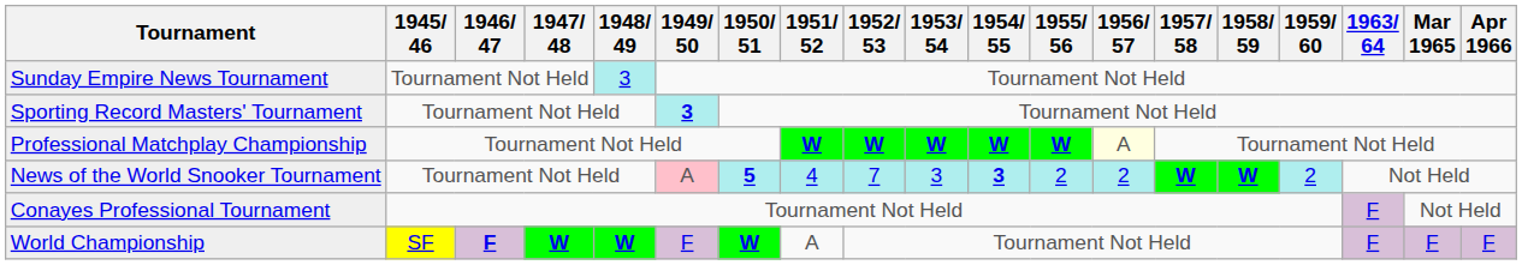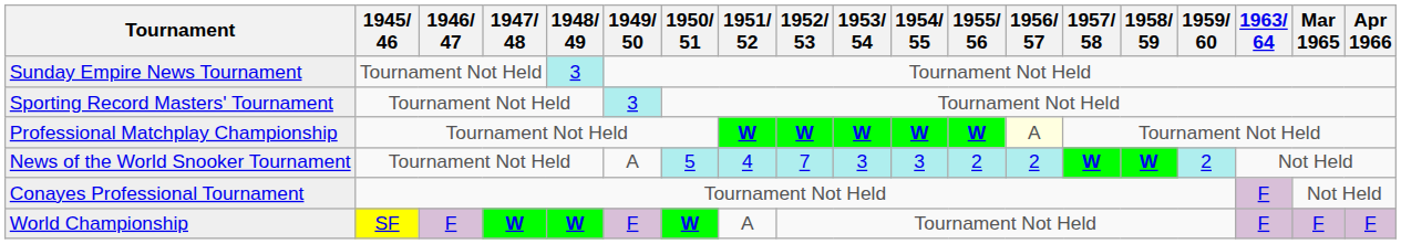 <table class="wikitable"  style="font-size:85%;">
 <tr>
 <th><strong>Tournament</strong></th>
 <th>1945/<br>46</th>
 <th>1946/<br>47</th>
 <th>1947/<br>48</th>
 <th>1948/<br>49</th>
 <th>1949/<br>50</th>
 <th>1950/<br>51</th>
 <th>1951/<br>52</th>
 <th>1952/<br>53</th>
 <th>1953/<br>54</th>
 <th>1954/<br>55</th>
 <th>1955/<br>56</th>
 <th>1956/<br>57</th>
 <th>1957/<br>58</th>
 <th>1958/<br>59</th>
 <th>1959/<br>60</th>
 <th><a href='#'>1963/<br>64</a></th>
 <th>Mar<br>1965</th>
 <th>Apr<br>1966</th>
 </tr>
 <tr>
 <td style="background:#EFEFEF;"><a href='#'>Sunday Empire News Tournament</a></td>
 <td colspan="3" style="text-align:center; color:#555555;">Tournament Not Held</td>
 <td align="center" style="background:#afeeee;"><a href='#'>3</a></td>
 <td colspan="14" style="text-align:center; color:#555555;">Tournament Not Held</td>
 </tr>
 <tr>
 <td style="background:#EFEFEF;"><a href='#'>Sporting Record Masters' Tournament</a></td>
 <td colspan="4" style="text-align:center; color:#555555;">Tournament Not Held</td>
-<td align="center" style="background:#afeeee;"><strong><a href='#'>3</a></strong></td>
+<td align="center" style="background:#afeeee;"><a href='#'>3</a></td>
 <td colspan="13" style="text-align:center; color:#555555;">Tournament Not Held</td>
 </tr>
 <tr>
 <td style="background:#EFEFEF;"><a href='#'>Professional Matchplay Championship</a></td>
 <td colspan="6" style="text-align:center; color:#555555;">Tournament Not Held</td>
 <td style="text-align:center; background:#0f0;"><a href='#'><strong>W</strong></a></td>
 <td style="text-align:center; background:#0f0;"><a href='#'><strong>W</strong></a></td>
 <td style="text-align:center; background:#0f0;"><a href='#'><strong>W</strong></a></td>
 <td style="text-align:center; background:#0f0;"><a href='#'><strong>W</strong></a></td>
 <td style="text-align:center; background:#0f0;"><a href='#'><strong>W</strong></a></td>
 <td align="center" style="background: lightyellow; color:#555555;">A</td>
 <td colspan="6" style="text-align:center; color:#555555;">Tournament Not Held</td>
 </tr>
 <tr>
 <td style="background:#EFEFEF;"><a href='#'>News of the World Snooker Tournament</a></td>
 <td colspan="4" style="text-align:center; color:#555555;">Tournament Not Held</td>
-<td align="center" style="background: pink; color:#555555;">A</td>
-<td align="center" style="background:#afeeee;"><strong><a href='#'>5</a></strong></td>
+<td align="center" style="color:#555555;">A</td>
+<td align="center" style="background:#afeeee;"><a href='#'>5</a></td>
 <td align="center" style="background:#afeeee;"><a href='#'>4</a></td>
 <td align="center" style="background:#afeeee;"><a href='#'>7</a></td>
 <td align="center" style="background:#afeeee;"><a href='#'>3</a></td>
-<td align="center" style="background:#afeeee;"><strong><a href='#'>3</a></strong></td>
+<td align="center" style="background:#afeeee;"><a href='#'>3</a></td>
 <td align="center" style="background:#afeeee;"><a href='#'>2</a></td>
 <td align="center" style="background:#afeeee;"><a href='#'>2</a></td>
 <td align="center" style="background:#0f0;"><a href='#'><strong>W</strong></a></td>
 <td align="center" style="background:#0f0;"><a href='#'><strong>W</strong></a></td>
 <td align="center" style="background:#afeeee;"><a href='#'>2</a></td>
 <td colspan="3" style="text-align:center; color:#555555;">Not Held</td>
 </tr>
 <tr>
 <td style="background:#EFEFEF;"><a href='#'>Conayes Professional Tournament</a></td>
 <td colspan="15" style="text-align:center; color:#555555;">Tournament Not Held</td>
 <td style="text-align:center; background:#D8BFD8;"><a href='#'>F</a></td>
 <td colspan="8" style="text-align:center; color:#555555;">Not Held</td>
 </tr>
 <tr>
 <td style="background:#EFEFEF;"><a href='#'>World Championship</a></td>
 <td style="text-align:center; background:yellow;"><a href='#'>SF</a></td>
-<td style="text-align:center; background:#D8BFD8;"><strong><a href='#'>F</a></strong></td>
+<td style="text-align:center; background:#D8BFD8;"><a href='#'>F</a></td>
 <td style="text-align:center; background:#0f0;"><a href='#'><strong>W</strong></a></td>
 <td style="text-align:center; background:#0f0;"><a href='#'><strong>W</strong></a></td>
 <td style="text-align:center; background:#D8BFD8;"><a href='#'>F</a></td>
 <td style="text-align:center; background:#0f0;"><a href='#'><strong>W</strong></a></td>
 <td align="center" style="color:#555555;">A</td>
 <td colspan="8" style="text-align:center; color:#555555;">Tournament Not Held</td>
 <td style="text-align:center; background:#D8BFD8;"><a href='#'>F</a></td>
 <td style="text-align:center; background:#D8BFD8;"><a href='#'>F</a></td>
 <td style="text-align:center; background:#D8BFD8;"><a href='#'>F</a></td>
 </tr>
 </table>
